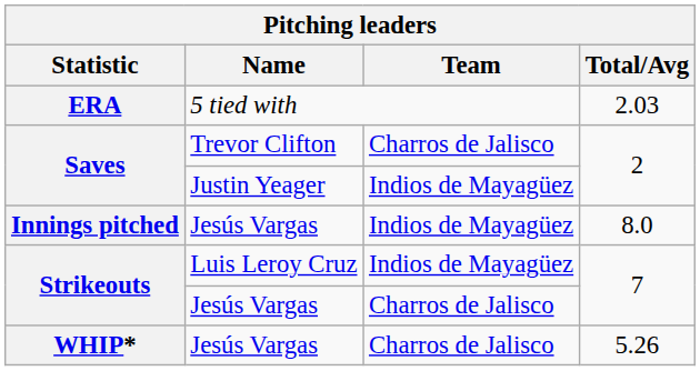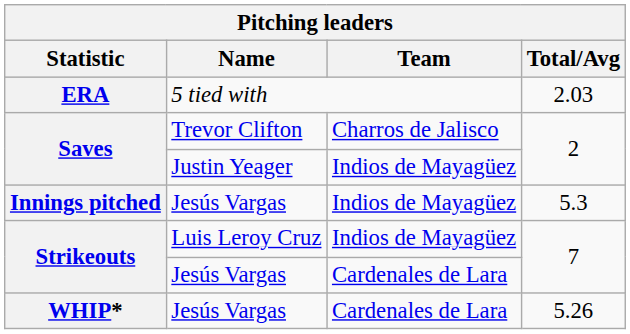 <table class="wikitable plainrowheaders">
 <tr>
 <th colspan="4">Pitching leaders</th>
 </tr>
 <tr>
 <th scope="col">Statistic</th>
 <th scope="col">Name</th>
 <th scope="col">Team</th>
 <th scope="col">Total/Avg</th>
 </tr>
 <tr>
 <th scope="row"><a href='#'>ERA</a></th>
 <td colspan=2><em>5 tied with</em></td>
 <td align=center>2.03</td>
 </tr>
 <tr>
 <th rowspan="2" scope="row"><a href='#'>Saves</a></th>
 <td> <a href='#'>Trevor Clifton</a></td>
 <td> <a href='#'>Charros de Jalisco</a></td>
 <td rowspan="2" align="center">2</td>
 </tr>
 <tr>
 <td> <a href='#'>Justin Yeager</a></td>
 <td> <a href='#'>Indios de Mayagüez</a></td>
 </tr>
 <tr>
 <th scope="row"><a href='#'>Innings pitched</a></th>
 <td> <a href='#'>Jesús Vargas</a></td>
 <td> <a href='#'>Indios de Mayagüez</a></td>
-<td align=center>8.0</td>
+<td align=center>5.3</td>
 </tr>
 <tr>
 <th rowspan="2" scope="row"><a href='#'>Strikeouts</a></th>
 <td> <a href='#'>Luis Leroy Cruz</a></td>
 <td> <a href='#'>Indios de Mayagüez</a></td>
 <td rowspan="2" align="center">7</td>
 </tr>
 <tr>
 <td> <a href='#'>Jesús Vargas</a></td>
-<td> <a href='#'>Charros de Jalisco</a></td>
+<td> <a href='#'>Cardenales de Lara</a></td>
 </tr>
 <tr>
 <th scope="row"><a href='#'>WHIP</a>*</th>
 <td> <a href='#'>Jesús Vargas</a></td>
-<td> <a href='#'>Charros de Jalisco</a></td>
+<td> <a href='#'>Cardenales de Lara</a></td>
 <td align=center>5.26</td>
 </tr>
 </table>
